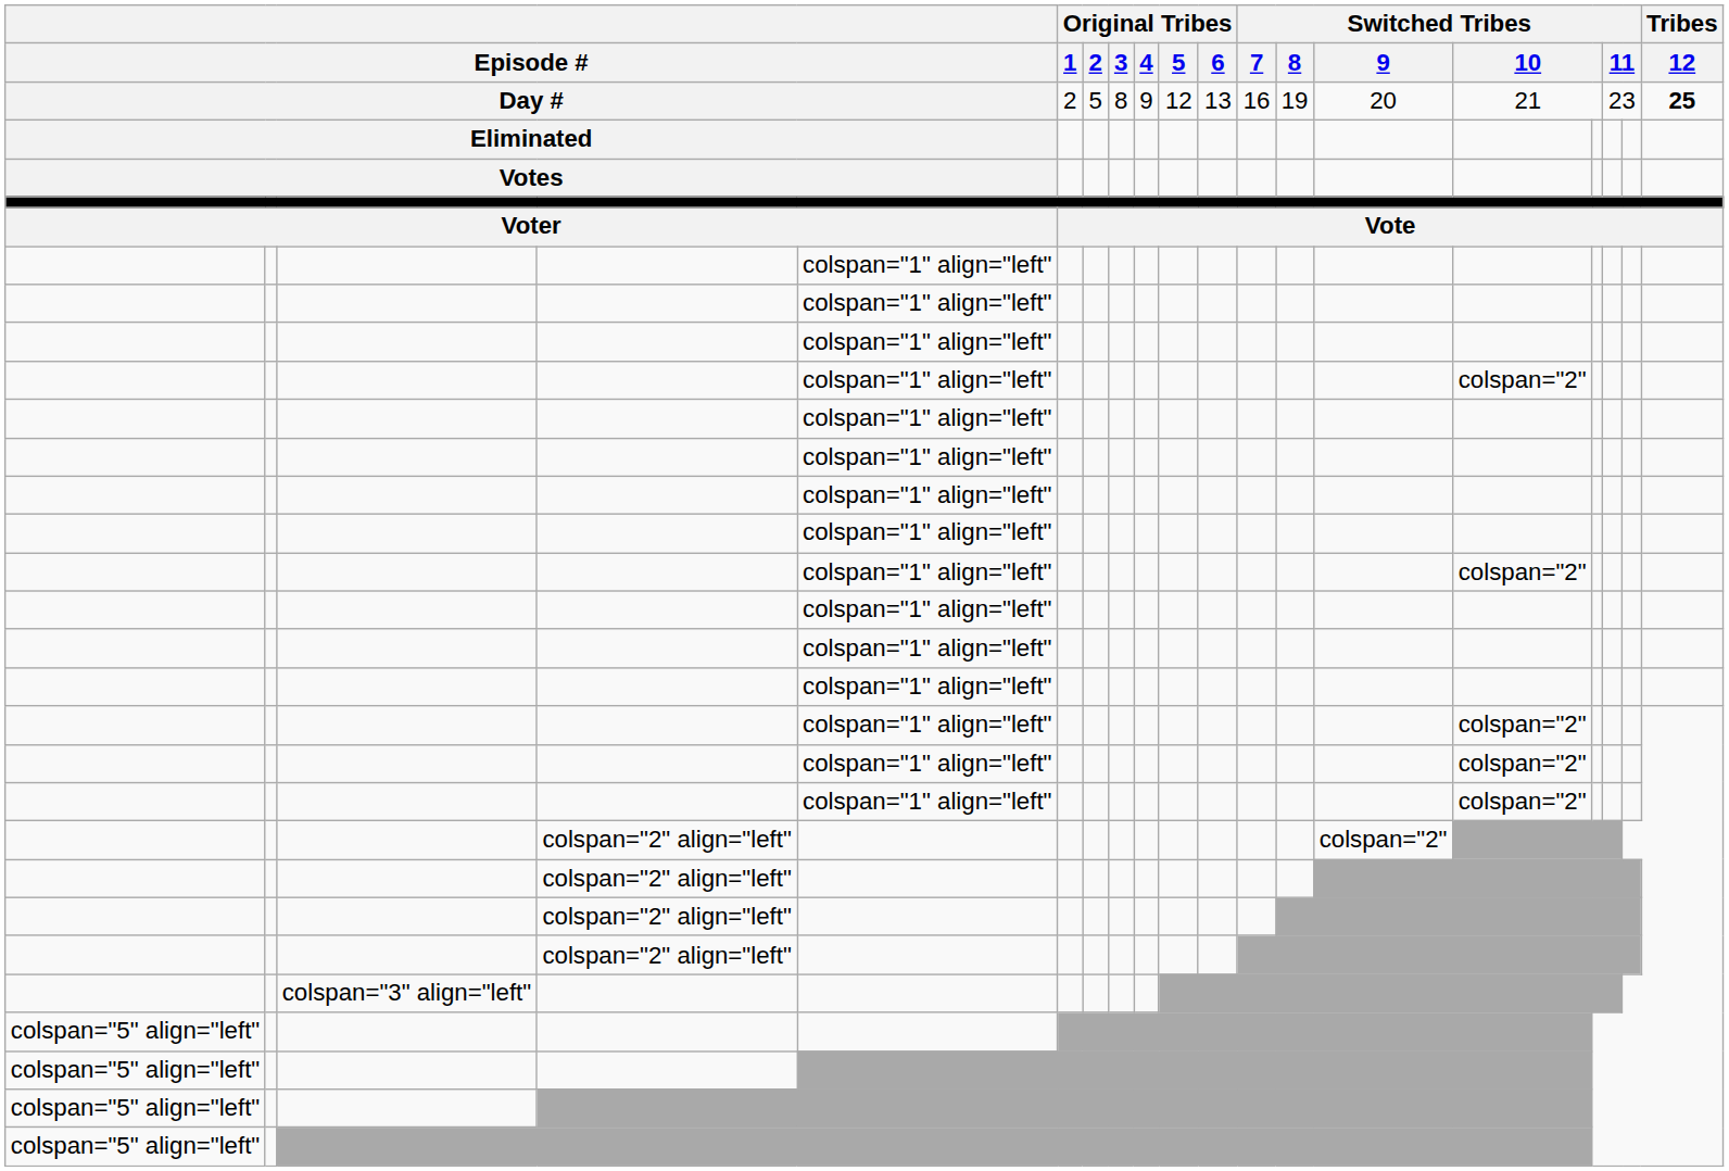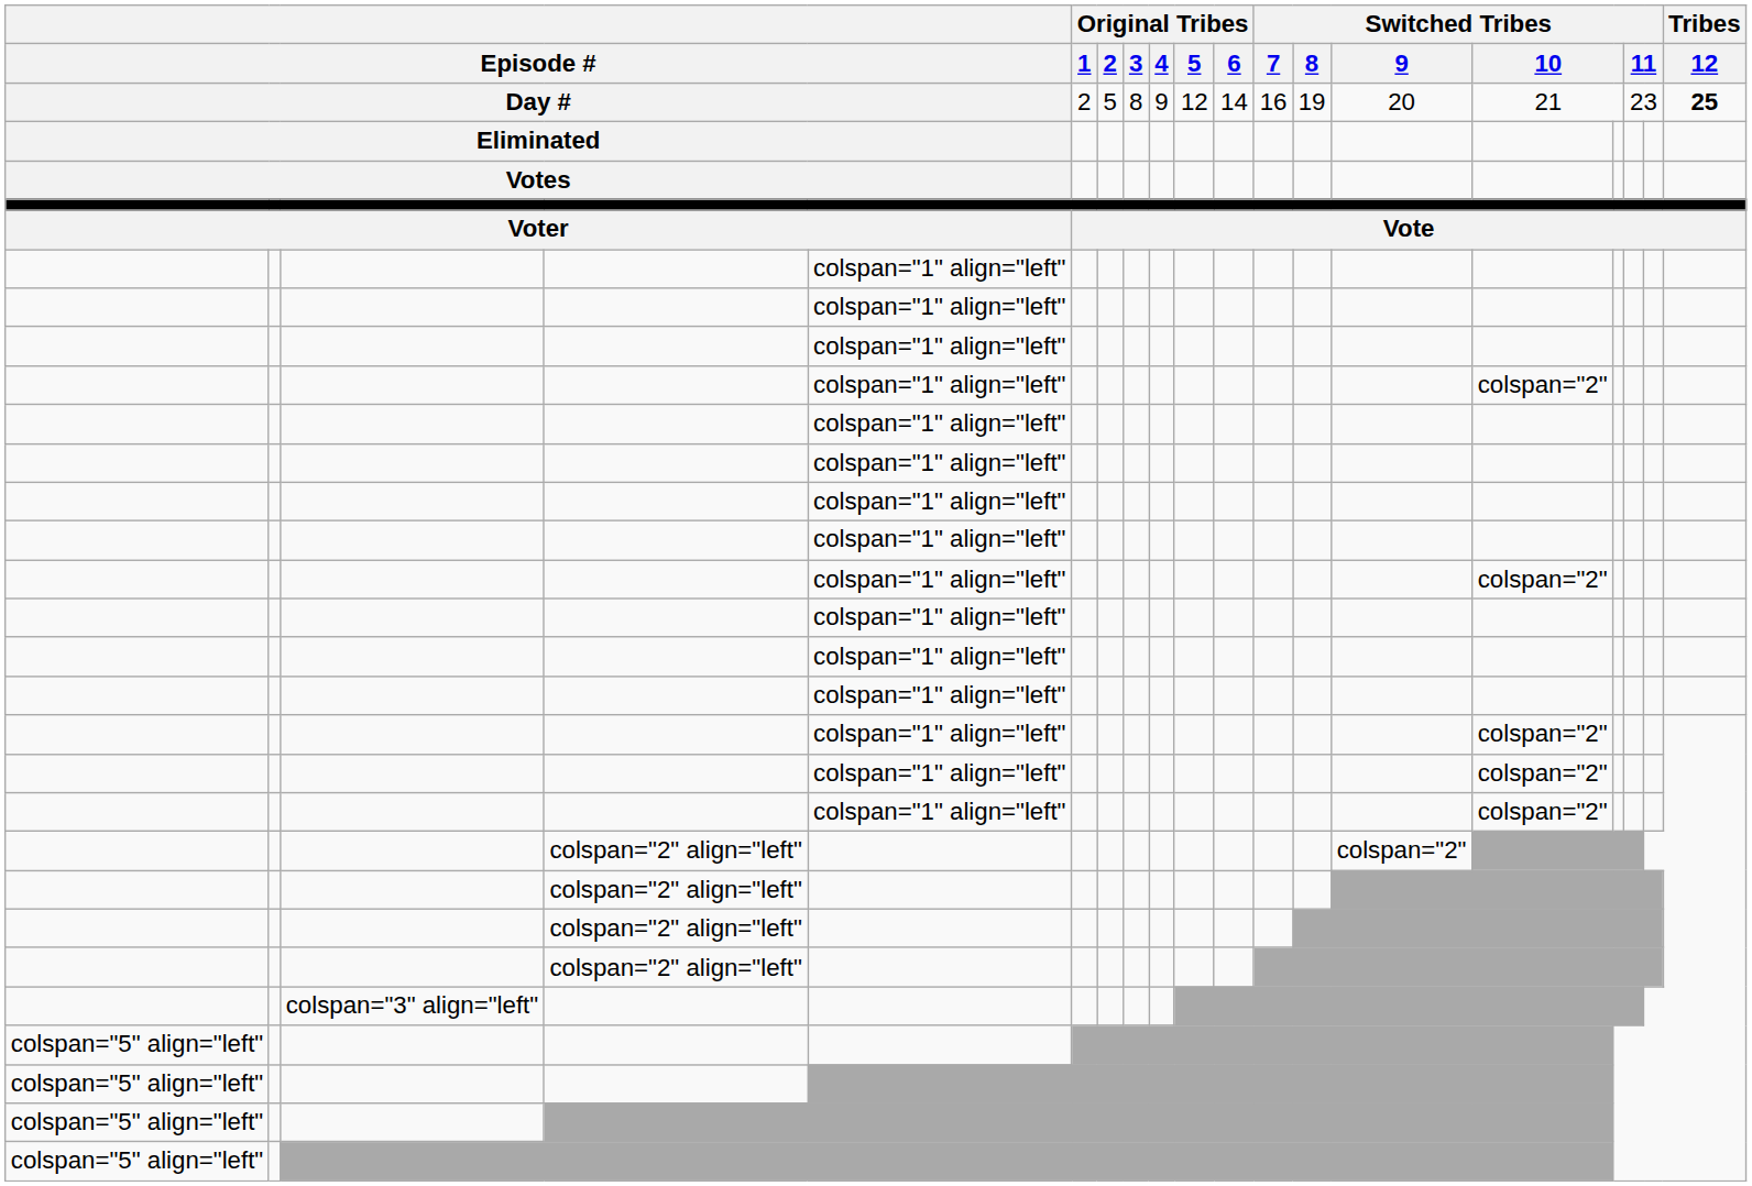 <table class="wikitable" style="text-align:center">
 <tr>
 <th colspan="5"></th>
 <th colspan="6">Original Tribes</th>
 <th colspan="7">Switched Tribes</th>
 <th colspan="1"> Tribes</th>
 </tr>
 <tr>
 <th colspan="5">Episode #</th>
 <th><a href='#'>1</a></th>
 <th><a href='#'>2</a></th>
 <th><a href='#'>3</a></th>
 <th><a href='#'>4</a></th>
 <th><a href='#'>5</a></th>
 <th><a href='#'>6</a></th>
 <th><a href='#'>7</a></th>
 <th><a href='#'>8</a></th>
 <th><a href='#'>9</a></th>
 <th colspan="2"><a href='#'>10</a></th>
 <th colspan="2"><a href='#'>11</a></th>
 <th><a href='#'>12</a></th>
 </tr>
 <tr>
 <th colspan="5">Day #</th>
 <td>2</td>
 <td>5</td>
 <td>8</td>
 <td>9</td>
 <td>12</td>
-<td>13</td>
+<td>14</td>
 <td>16</td>
 <td>19</td>
 <td>20</td>
 <td colspan="2">21</td>
 <td colspan="2">23</td>
 <td><strong>25</strong></td>
 </tr>
 <tr>
 <th colspan="5">Eliminated</th>
 <td></td>
 <td></td>
 <td></td>
 <td></td>
 <td></td>
 <td></td>
 <td></td>
 <td></td>
 <td></td>
 <td></td>
 <td></td>
 <td></td>
 <td></td>
 <td></td>
 </tr>
 <tr>
 <th colspan="5">Votes</th>
 <td></td>
 <td></td>
 <td></td>
 <td></td>
 <td></td>
 <td></td>
 <td></td>
 <td></td>
 <td></td>
 <td></td>
 <td></td>
 <td></td>
 <td></td>
 <td></td>
 </tr>
 <tr>
 <td colspan="19" style="background:black"></td>
 </tr>
 <tr>
 <th colspan="5">Voter</th>
 <th colspan="14">Vote</th>
 </tr>
 <tr>
 <td></td>
 <td></td>
 <td></td>
 <td></td>
 <td>colspan="1" align="left" </td>
 <td></td>
 <td></td>
 <td></td>
 <td></td>
 <td></td>
 <td></td>
 <td></td>
 <td></td>
 <td></td>
 <td></td>
 <td></td>
 <td></td>
 <td></td>
 <td></td>
 </tr>
 <tr>
 <td></td>
 <td></td>
 <td></td>
 <td></td>
 <td>colspan="1" align="left" </td>
 <td></td>
 <td></td>
 <td></td>
 <td></td>
 <td></td>
 <td></td>
 <td></td>
 <td></td>
 <td></td>
 <td></td>
 <td></td>
 <td></td>
 <td></td>
 <td></td>
 </tr>
 <tr>
 <td></td>
 <td></td>
 <td></td>
 <td></td>
 <td>colspan="1" align="left" </td>
 <td></td>
 <td></td>
 <td></td>
 <td></td>
 <td></td>
 <td></td>
 <td></td>
 <td></td>
 <td></td>
 <td></td>
 <td></td>
 <td></td>
 <td></td>
 <td></td>
 </tr>
 <tr>
 <td></td>
 <td></td>
 <td></td>
 <td></td>
 <td>colspan="1" align="left" </td>
 <td></td>
 <td></td>
 <td></td>
 <td></td>
 <td></td>
 <td></td>
 <td></td>
 <td></td>
 <td></td>
 <td>colspan="2" </td>
 <td></td>
 <td></td>
 <td></td>
 </tr>
 <tr>
 <td></td>
 <td></td>
 <td></td>
 <td></td>
 <td>colspan="1" align="left" </td>
 <td></td>
 <td></td>
 <td></td>
 <td></td>
 <td></td>
 <td></td>
 <td></td>
 <td></td>
 <td></td>
 <td></td>
 <td></td>
 <td></td>
 <td></td>
 <td></td>
 </tr>
 <tr>
 <td></td>
 <td></td>
 <td></td>
 <td></td>
 <td>colspan="1" align="left" </td>
 <td></td>
 <td></td>
 <td></td>
 <td></td>
 <td></td>
 <td></td>
 <td></td>
 <td></td>
 <td></td>
 <td></td>
 <td></td>
 <td></td>
 <td></td>
 <td></td>
 </tr>
 <tr>
 <td></td>
 <td></td>
 <td></td>
 <td></td>
 <td>colspan="1" align="left" </td>
 <td></td>
 <td></td>
 <td></td>
 <td></td>
 <td></td>
 <td></td>
 <td></td>
 <td></td>
 <td></td>
 <td></td>
 <td></td>
 <td></td>
 <td></td>
 <td></td>
 </tr>
 <tr>
 <td></td>
 <td></td>
 <td></td>
 <td></td>
 <td>colspan="1" align="left" </td>
 <td></td>
 <td></td>
 <td></td>
 <td></td>
 <td></td>
 <td></td>
 <td></td>
 <td></td>
 <td></td>
 <td></td>
 <td></td>
 <td></td>
 <td></td>
 <td></td>
 </tr>
 <tr>
 <td></td>
 <td></td>
 <td></td>
 <td></td>
 <td>colspan="1" align="left" </td>
 <td></td>
 <td></td>
 <td></td>
 <td></td>
 <td></td>
 <td></td>
 <td></td>
 <td></td>
 <td></td>
 <td>colspan="2" </td>
 <td></td>
 <td></td>
 <td></td>
 </tr>
 <tr>
 <td></td>
 <td></td>
 <td></td>
 <td></td>
 <td>colspan="1" align="left" </td>
 <td></td>
 <td></td>
 <td></td>
 <td></td>
 <td></td>
 <td></td>
 <td></td>
 <td></td>
 <td></td>
 <td></td>
 <td></td>
 <td></td>
 <td></td>
 <td></td>
 </tr>
 <tr>
 <td></td>
 <td></td>
 <td></td>
 <td></td>
 <td>colspan="1" align="left" </td>
 <td></td>
 <td></td>
 <td></td>
 <td></td>
 <td></td>
 <td></td>
 <td></td>
 <td></td>
 <td></td>
 <td></td>
 <td></td>
 <td></td>
 <td></td>
 <td></td>
 </tr>
 <tr>
 <td></td>
 <td></td>
 <td></td>
 <td></td>
 <td>colspan="1" align="left" </td>
 <td></td>
 <td></td>
 <td></td>
 <td></td>
 <td></td>
 <td></td>
 <td></td>
 <td></td>
 <td></td>
 <td></td>
 <td></td>
 <td></td>
 <td></td>
 <td></td>
 </tr>
 <tr>
 <td></td>
 <td></td>
 <td></td>
 <td></td>
 <td>colspan="1" align="left" </td>
 <td></td>
 <td></td>
 <td></td>
 <td></td>
 <td></td>
 <td></td>
 <td></td>
 <td></td>
 <td></td>
 <td>colspan="2" </td>
 <td></td>
 <td></td>
 <td></td>
 </tr>
 <tr>
 <td></td>
 <td></td>
 <td></td>
 <td></td>
 <td>colspan="1" align="left" </td>
 <td></td>
 <td></td>
 <td></td>
 <td></td>
 <td></td>
 <td></td>
 <td></td>
 <td></td>
 <td></td>
 <td>colspan="2" </td>
 <td></td>
 <td></td>
 <td></td>
 </tr>
 <tr>
 <td></td>
 <td></td>
 <td></td>
 <td></td>
 <td>colspan="1" align="left" </td>
 <td></td>
 <td></td>
 <td></td>
 <td></td>
 <td></td>
 <td></td>
 <td></td>
 <td></td>
 <td></td>
 <td>colspan="2" </td>
 <td></td>
 <td></td>
 <td></td>
 </tr>
 <tr>
 <td></td>
 <td></td>
 <td></td>
 <td>colspan="2" align="left" </td>
 <td></td>
 <td></td>
 <td></td>
 <td></td>
 <td></td>
 <td></td>
 <td></td>
 <td></td>
 <td></td>
 <td>colspan="2" </td>
 <td colspan="3" style="background:darkgray;"></td>
 </tr>
 <tr>
 <td></td>
 <td></td>
 <td></td>
 <td>colspan="2" align="left" </td>
 <td></td>
 <td></td>
 <td></td>
 <td></td>
 <td></td>
 <td></td>
 <td></td>
 <td></td>
 <td></td>
 <td colspan="5" style="background:darkgray;"></td>
 </tr>
 <tr>
 <td></td>
 <td></td>
 <td></td>
 <td>colspan="2" align="left" </td>
 <td></td>
 <td></td>
 <td></td>
 <td></td>
 <td></td>
 <td></td>
 <td></td>
 <td></td>
 <td colspan="6" style="background:darkgray;"></td>
 </tr>
 <tr>
 <td></td>
 <td></td>
 <td></td>
 <td>colspan="2" align="left" </td>
 <td></td>
 <td></td>
 <td></td>
 <td></td>
 <td></td>
 <td></td>
 <td></td>
 <td colspan="7" style="background:darkgray;"></td>
 </tr>
 <tr>
 <td></td>
 <td></td>
 <td>colspan="3" align="left" </td>
 <td></td>
 <td></td>
 <td></td>
 <td></td>
 <td></td>
 <td></td>
 <td colspan="8" style="background:darkgray;"></td>
 </tr>
 <tr>
 <td>colspan="5" align="left" </td>
 <td></td>
 <td></td>
 <td></td>
 <td></td>
 <td colspan="10" style="background:darkgray;"></td>
 </tr>
 <tr>
 <td>colspan="5" align="left" </td>
 <td></td>
 <td></td>
 <td></td>
 <td colspan="11" style="background:darkgray;"></td>
 </tr>
 <tr>
 <td>colspan="5" align="left" </td>
 <td></td>
 <td></td>
 <td colspan="12" style="background:darkgray;"></td>
 </tr>
 <tr>
 <td>colspan="5" align="left" </td>
 <td></td>
 <td colspan="13" style="background:darkgray;"></td>
 </tr>
 </table>
